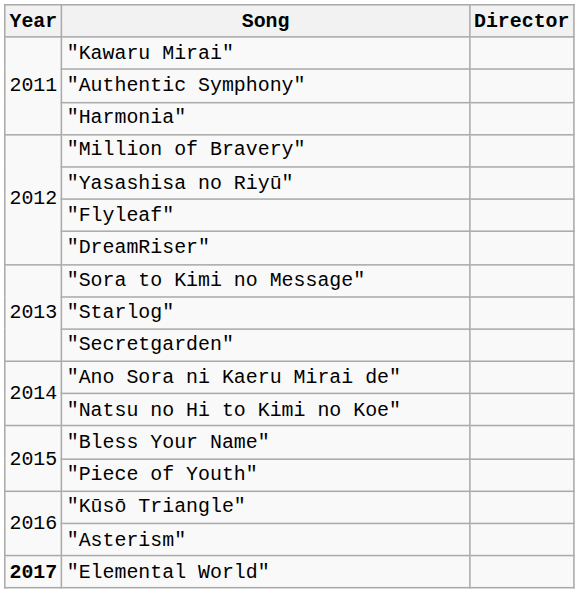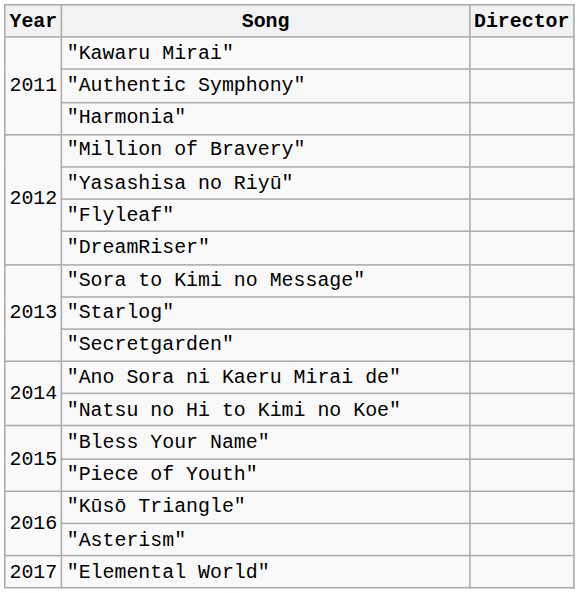 <table class="wikitable">
 <tr>
 <th>Year</th>
 <th width="260">Song</th>
 <th>Director</th>
 </tr>
 <tr>
 <td rowspan="3">2011</td>
 <td>"Kawaru Mirai"</td>
 <td></td>
 </tr>
 <tr>
 <td>"Authentic Symphony"</td>
 <td></td>
 </tr>
 <tr>
 <td>"Harmonia"</td>
 <td></td>
 </tr>
 <tr>
 <td rowspan="4">2012</td>
 <td>"Million of Bravery"</td>
 <td></td>
 </tr>
 <tr>
 <td>"Yasashisa no Riyū"</td>
 <td></td>
 </tr>
 <tr>
 <td>"Flyleaf"</td>
 <td></td>
 </tr>
 <tr>
 <td>"DreamRiser"</td>
 <td></td>
 </tr>
 <tr>
 <td rowspan="3">2013</td>
 <td>"Sora to Kimi no Message"</td>
 <td></td>
 </tr>
 <tr>
 <td>"Starlog"</td>
 <td></td>
 </tr>
 <tr>
 <td>"Secretgarden"</td>
 <td></td>
 </tr>
 <tr>
 <td rowspan="2">2014</td>
 <td>"Ano Sora ni Kaeru Mirai de"</td>
 <td></td>
 </tr>
 <tr>
 <td>"Natsu no Hi to Kimi no Koe"</td>
 <td></td>
 </tr>
 <tr>
 <td rowspan="2">2015</td>
 <td>"Bless Your Name"</td>
 <td></td>
 </tr>
 <tr>
 <td>"Piece of Youth"</td>
 <td></td>
 </tr>
 <tr>
 <td rowspan="2">2016</td>
 <td>"Kūsō Triangle"</td>
 <td></td>
 </tr>
 <tr>
 <td>"Asterism"</td>
 <td></td>
 </tr>
 <tr>
-<td rowspan="1"><strong>2017</strong></td>
+<td rowspan="1">2017</td>
 <td>"Elemental World"</td>
 <td></td>
 </tr>
 </table>
